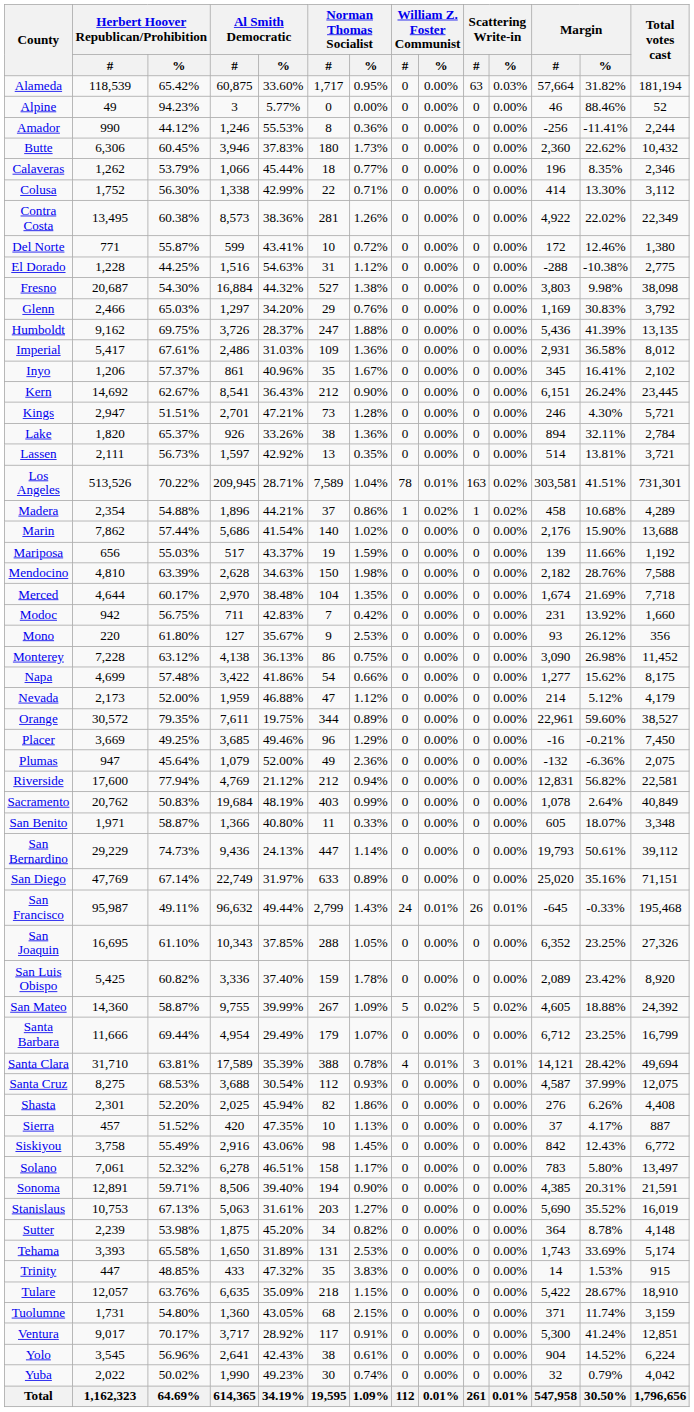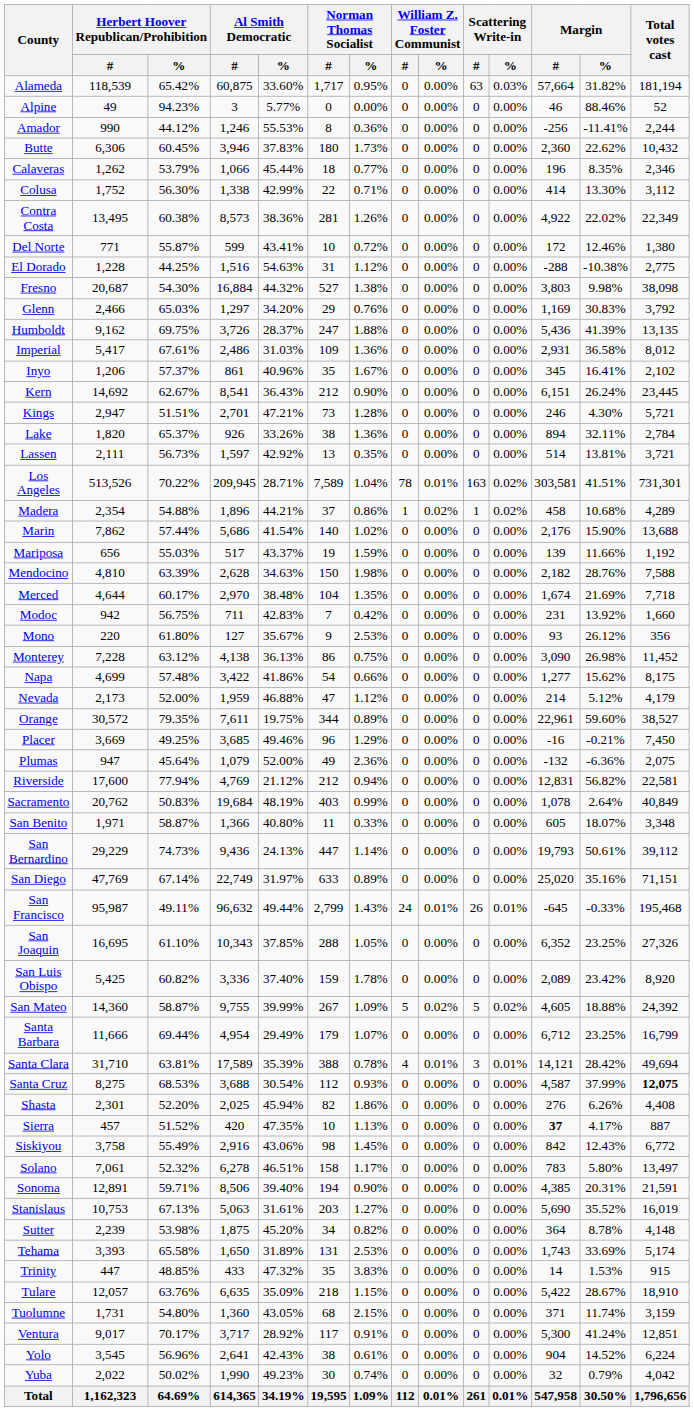 <table class="wikitable sortable" style="text-align:center">
 <tr>
 <th rowspan="2">County</th>
 <th style="text-align:center;" colspan="2"><a href='#'>Herbert Hoover</a><br>Republican/Prohibition</th>
 <th style="text-align:center;" colspan="2"><a href='#'>Al Smith</a><br>Democratic</th>
 <th style="text-align:center;" colspan="2"><a href='#'>Norman Thomas</a><br>Socialist</th>
 <th style="text-align:center;" colspan="2"><a href='#'>William Z. Foster</a><br>Communist</th>
 <th style="text-align:center;" colspan="2">Scattering<br>Write-in</th>
 <th style="text-align:center;" colspan="2">Margin</th>
 <th style="text-align:center;" rowspan="2">Total votes cast</th>
 </tr>
 <tr>
 <th style="text-align:center;" data-sort-type="number">#</th>
 <th style="text-align:center;" data-sort-type="number">%</th>
 <th style="text-align:center;" data-sort-type="number">#</th>
 <th style="text-align:center;" data-sort-type="number">%</th>
 <th style="text-align:center;" data-sort-type="number">#</th>
 <th style="text-align:center;" data-sort-type="number">%</th>
 <th style="text-align:center;" data-sort-type="number">#</th>
 <th style="text-align:center;" data-sort-type="number">%</th>
 <th style="text-align:center;" data-sort-type="number">#</th>
 <th style="text-align:center;" data-sort-type="number">%</th>
 <th style="text-align:center;" data-sort-type="number">#</th>
 <th style="text-align:center;" data-sort-type="number">%</th>
 </tr>
 <tr style="text-align:center;">
 <td><a href='#'>Alameda</a></td>
 <td>118,539</td>
 <td>65.42%</td>
 <td>60,875</td>
 <td>33.60%</td>
 <td>1,717</td>
 <td>0.95%</td>
 <td>0</td>
 <td>0.00%</td>
 <td>63</td>
 <td>0.03%</td>
 <td>57,664</td>
 <td>31.82%</td>
 <td>181,194</td>
 </tr>
 <tr style="text-align:center;">
 <td><a href='#'>Alpine</a></td>
 <td>49</td>
 <td>94.23%</td>
 <td>3</td>
 <td>5.77%</td>
 <td>0</td>
 <td>0.00%</td>
 <td>0</td>
 <td>0.00%</td>
 <td>0</td>
 <td>0.00%</td>
 <td>46</td>
 <td>88.46%</td>
 <td>52</td>
 </tr>
 <tr style="text-align:center;">
 <td><a href='#'>Amador</a></td>
 <td>990</td>
 <td>44.12%</td>
 <td>1,246</td>
 <td>55.53%</td>
 <td>8</td>
 <td>0.36%</td>
 <td>0</td>
 <td>0.00%</td>
 <td>0</td>
 <td>0.00%</td>
 <td>-256</td>
 <td>-11.41%</td>
 <td>2,244</td>
 </tr>
 <tr style="text-align:center;">
 <td><a href='#'>Butte</a></td>
 <td>6,306</td>
 <td>60.45%</td>
 <td>3,946</td>
 <td>37.83%</td>
 <td>180</td>
 <td>1.73%</td>
 <td>0</td>
 <td>0.00%</td>
 <td>0</td>
 <td>0.00%</td>
 <td>2,360</td>
 <td>22.62%</td>
 <td>10,432</td>
 </tr>
 <tr style="text-align:center;">
 <td><a href='#'>Calaveras</a></td>
 <td>1,262</td>
 <td>53.79%</td>
 <td>1,066</td>
 <td>45.44%</td>
 <td>18</td>
 <td>0.77%</td>
 <td>0</td>
 <td>0.00%</td>
 <td>0</td>
 <td>0.00%</td>
 <td>196</td>
 <td>8.35%</td>
 <td>2,346</td>
 </tr>
 <tr style="text-align:center;">
 <td><a href='#'>Colusa</a></td>
 <td>1,752</td>
 <td>56.30%</td>
 <td>1,338</td>
 <td>42.99%</td>
 <td>22</td>
 <td>0.71%</td>
 <td>0</td>
 <td>0.00%</td>
 <td>0</td>
 <td>0.00%</td>
 <td>414</td>
 <td>13.30%</td>
 <td>3,112</td>
 </tr>
 <tr style="text-align:center;">
 <td><a href='#'>Contra Costa</a></td>
 <td>13,495</td>
 <td>60.38%</td>
 <td>8,573</td>
 <td>38.36%</td>
 <td>281</td>
 <td>1.26%</td>
 <td>0</td>
 <td>0.00%</td>
 <td>0</td>
 <td>0.00%</td>
 <td>4,922</td>
 <td>22.02%</td>
 <td>22,349</td>
 </tr>
 <tr style="text-align:center;">
 <td><a href='#'>Del Norte</a></td>
 <td>771</td>
 <td>55.87%</td>
 <td>599</td>
 <td>43.41%</td>
 <td>10</td>
 <td>0.72%</td>
 <td>0</td>
 <td>0.00%</td>
 <td>0</td>
 <td>0.00%</td>
 <td>172</td>
 <td>12.46%</td>
 <td>1,380</td>
 </tr>
 <tr style="text-align:center;">
 <td><a href='#'>El Dorado</a></td>
 <td>1,228</td>
 <td>44.25%</td>
 <td>1,516</td>
 <td>54.63%</td>
 <td>31</td>
 <td>1.12%</td>
 <td>0</td>
 <td>0.00%</td>
 <td>0</td>
 <td>0.00%</td>
 <td>-288</td>
 <td>-10.38%</td>
 <td>2,775</td>
 </tr>
 <tr style="text-align:center;">
 <td><a href='#'>Fresno</a></td>
 <td>20,687</td>
 <td>54.30%</td>
 <td>16,884</td>
 <td>44.32%</td>
 <td>527</td>
 <td>1.38%</td>
 <td>0</td>
 <td>0.00%</td>
 <td>0</td>
 <td>0.00%</td>
 <td>3,803</td>
 <td>9.98%</td>
 <td>38,098</td>
 </tr>
 <tr style="text-align:center;">
 <td><a href='#'>Glenn</a></td>
 <td>2,466</td>
 <td>65.03%</td>
 <td>1,297</td>
 <td>34.20%</td>
 <td>29</td>
 <td>0.76%</td>
 <td>0</td>
 <td>0.00%</td>
 <td>0</td>
 <td>0.00%</td>
 <td>1,169</td>
 <td>30.83%</td>
 <td>3,792</td>
 </tr>
 <tr style="text-align:center;">
 <td><a href='#'>Humboldt</a></td>
 <td>9,162</td>
 <td>69.75%</td>
 <td>3,726</td>
 <td>28.37%</td>
 <td>247</td>
 <td>1.88%</td>
 <td>0</td>
 <td>0.00%</td>
 <td>0</td>
 <td>0.00%</td>
 <td>5,436</td>
 <td>41.39%</td>
 <td>13,135</td>
 </tr>
 <tr style="text-align:center;">
 <td><a href='#'>Imperial</a></td>
 <td>5,417</td>
 <td>67.61%</td>
 <td>2,486</td>
 <td>31.03%</td>
 <td>109</td>
 <td>1.36%</td>
 <td>0</td>
 <td>0.00%</td>
 <td>0</td>
 <td>0.00%</td>
 <td>2,931</td>
 <td>36.58%</td>
 <td>8,012</td>
 </tr>
 <tr style="text-align:center;">
 <td><a href='#'>Inyo</a></td>
 <td>1,206</td>
 <td>57.37%</td>
 <td>861</td>
 <td>40.96%</td>
 <td>35</td>
 <td>1.67%</td>
 <td>0</td>
 <td>0.00%</td>
 <td>0</td>
 <td>0.00%</td>
 <td>345</td>
 <td>16.41%</td>
 <td>2,102</td>
 </tr>
 <tr style="text-align:center;">
 <td><a href='#'>Kern</a></td>
 <td>14,692</td>
 <td>62.67%</td>
 <td>8,541</td>
 <td>36.43%</td>
 <td>212</td>
 <td>0.90%</td>
 <td>0</td>
 <td>0.00%</td>
 <td>0</td>
 <td>0.00%</td>
 <td>6,151</td>
 <td>26.24%</td>
 <td>23,445</td>
 </tr>
 <tr style="text-align:center;">
 <td><a href='#'>Kings</a></td>
 <td>2,947</td>
 <td>51.51%</td>
 <td>2,701</td>
 <td>47.21%</td>
 <td>73</td>
 <td>1.28%</td>
 <td>0</td>
 <td>0.00%</td>
 <td>0</td>
 <td>0.00%</td>
 <td>246</td>
 <td>4.30%</td>
 <td>5,721</td>
 </tr>
 <tr style="text-align:center;">
 <td><a href='#'>Lake</a></td>
 <td>1,820</td>
 <td>65.37%</td>
 <td>926</td>
 <td>33.26%</td>
 <td>38</td>
 <td>1.36%</td>
 <td>0</td>
 <td>0.00%</td>
 <td>0</td>
 <td>0.00%</td>
 <td>894</td>
 <td>32.11%</td>
 <td>2,784</td>
 </tr>
 <tr style="text-align:center;">
 <td><a href='#'>Lassen</a></td>
 <td>2,111</td>
 <td>56.73%</td>
 <td>1,597</td>
 <td>42.92%</td>
 <td>13</td>
 <td>0.35%</td>
 <td>0</td>
 <td>0.00%</td>
 <td>0</td>
 <td>0.00%</td>
 <td>514</td>
 <td>13.81%</td>
 <td>3,721</td>
 </tr>
 <tr style="text-align:center;">
 <td><a href='#'>Los Angeles</a></td>
 <td>513,526</td>
 <td>70.22%</td>
 <td>209,945</td>
 <td>28.71%</td>
 <td>7,589</td>
 <td>1.04%</td>
 <td>78</td>
 <td>0.01%</td>
 <td>163</td>
 <td>0.02%</td>
 <td>303,581</td>
 <td>41.51%</td>
 <td>731,301</td>
 </tr>
 <tr style="text-align:center;">
 <td><a href='#'>Madera</a></td>
 <td>2,354</td>
 <td>54.88%</td>
 <td>1,896</td>
 <td>44.21%</td>
 <td>37</td>
 <td>0.86%</td>
 <td>1</td>
 <td>0.02%</td>
 <td>1</td>
 <td>0.02%</td>
 <td>458</td>
 <td>10.68%</td>
 <td>4,289</td>
 </tr>
 <tr style="text-align:center;">
 <td><a href='#'>Marin</a></td>
 <td>7,862</td>
 <td>57.44%</td>
 <td>5,686</td>
 <td>41.54%</td>
 <td>140</td>
 <td>1.02%</td>
 <td>0</td>
 <td>0.00%</td>
 <td>0</td>
 <td>0.00%</td>
 <td>2,176</td>
 <td>15.90%</td>
 <td>13,688</td>
 </tr>
 <tr style="text-align:center;">
 <td><a href='#'>Mariposa</a></td>
 <td>656</td>
 <td>55.03%</td>
 <td>517</td>
 <td>43.37%</td>
 <td>19</td>
 <td>1.59%</td>
 <td>0</td>
 <td>0.00%</td>
 <td>0</td>
 <td>0.00%</td>
 <td>139</td>
 <td>11.66%</td>
 <td>1,192</td>
 </tr>
 <tr style="text-align:center;">
 <td><a href='#'>Mendocino</a></td>
 <td>4,810</td>
 <td>63.39%</td>
 <td>2,628</td>
 <td>34.63%</td>
 <td>150</td>
 <td>1.98%</td>
 <td>0</td>
 <td>0.00%</td>
 <td>0</td>
 <td>0.00%</td>
 <td>2,182</td>
 <td>28.76%</td>
 <td>7,588</td>
 </tr>
 <tr style="text-align:center;">
 <td><a href='#'>Merced</a></td>
 <td>4,644</td>
 <td>60.17%</td>
 <td>2,970</td>
 <td>38.48%</td>
 <td>104</td>
 <td>1.35%</td>
 <td>0</td>
 <td>0.00%</td>
 <td>0</td>
 <td>0.00%</td>
 <td>1,674</td>
 <td>21.69%</td>
 <td>7,718</td>
 </tr>
 <tr style="text-align:center;">
 <td><a href='#'>Modoc</a></td>
 <td>942</td>
 <td>56.75%</td>
 <td>711</td>
 <td>42.83%</td>
 <td>7</td>
 <td>0.42%</td>
 <td>0</td>
 <td>0.00%</td>
 <td>0</td>
 <td>0.00%</td>
 <td>231</td>
 <td>13.92%</td>
 <td>1,660</td>
 </tr>
 <tr style="text-align:center;">
 <td><a href='#'>Mono</a></td>
 <td>220</td>
 <td>61.80%</td>
 <td>127</td>
 <td>35.67%</td>
 <td>9</td>
 <td>2.53%</td>
 <td>0</td>
 <td>0.00%</td>
 <td>0</td>
 <td>0.00%</td>
 <td>93</td>
 <td>26.12%</td>
 <td>356</td>
 </tr>
 <tr style="text-align:center;">
 <td><a href='#'>Monterey</a></td>
 <td>7,228</td>
 <td>63.12%</td>
 <td>4,138</td>
 <td>36.13%</td>
 <td>86</td>
 <td>0.75%</td>
 <td>0</td>
 <td>0.00%</td>
 <td>0</td>
 <td>0.00%</td>
 <td>3,090</td>
 <td>26.98%</td>
 <td>11,452</td>
 </tr>
 <tr style="text-align:center;">
 <td><a href='#'>Napa</a></td>
 <td>4,699</td>
 <td>57.48%</td>
 <td>3,422</td>
 <td>41.86%</td>
 <td>54</td>
 <td>0.66%</td>
 <td>0</td>
 <td>0.00%</td>
 <td>0</td>
 <td>0.00%</td>
 <td>1,277</td>
 <td>15.62%</td>
 <td>8,175</td>
 </tr>
 <tr style="text-align:center;">
 <td><a href='#'>Nevada</a></td>
 <td>2,173</td>
 <td>52.00%</td>
 <td>1,959</td>
 <td>46.88%</td>
 <td>47</td>
 <td>1.12%</td>
 <td>0</td>
 <td>0.00%</td>
 <td>0</td>
 <td>0.00%</td>
 <td>214</td>
 <td>5.12%</td>
 <td>4,179</td>
 </tr>
 <tr style="text-align:center;">
 <td><a href='#'>Orange</a></td>
 <td>30,572</td>
 <td>79.35%</td>
 <td>7,611</td>
 <td>19.75%</td>
 <td>344</td>
 <td>0.89%</td>
 <td>0</td>
 <td>0.00%</td>
 <td>0</td>
 <td>0.00%</td>
 <td>22,961</td>
 <td>59.60%</td>
 <td>38,527</td>
 </tr>
 <tr style="text-align:center;">
 <td><a href='#'>Placer</a></td>
 <td>3,669</td>
 <td>49.25%</td>
 <td>3,685</td>
 <td>49.46%</td>
 <td>96</td>
 <td>1.29%</td>
 <td>0</td>
 <td>0.00%</td>
 <td>0</td>
 <td>0.00%</td>
 <td>-16</td>
 <td>-0.21%</td>
 <td>7,450</td>
 </tr>
 <tr style="text-align:center;">
 <td><a href='#'>Plumas</a></td>
 <td>947</td>
 <td>45.64%</td>
 <td>1,079</td>
 <td>52.00%</td>
 <td>49</td>
 <td>2.36%</td>
 <td>0</td>
 <td>0.00%</td>
 <td>0</td>
 <td>0.00%</td>
 <td>-132</td>
 <td>-6.36%</td>
 <td>2,075</td>
 </tr>
 <tr style="text-align:center;">
 <td><a href='#'>Riverside</a></td>
 <td>17,600</td>
 <td>77.94%</td>
 <td>4,769</td>
 <td>21.12%</td>
 <td>212</td>
 <td>0.94%</td>
 <td>0</td>
 <td>0.00%</td>
 <td>0</td>
 <td>0.00%</td>
 <td>12,831</td>
 <td>56.82%</td>
 <td>22,581</td>
 </tr>
 <tr style="text-align:center;">
 <td><a href='#'>Sacramento</a></td>
 <td>20,762</td>
 <td>50.83%</td>
 <td>19,684</td>
 <td>48.19%</td>
 <td>403</td>
 <td>0.99%</td>
 <td>0</td>
 <td>0.00%</td>
 <td>0</td>
 <td>0.00%</td>
 <td>1,078</td>
 <td>2.64%</td>
 <td>40,849</td>
 </tr>
 <tr style="text-align:center;">
 <td><a href='#'>San Benito</a></td>
 <td>1,971</td>
 <td>58.87%</td>
 <td>1,366</td>
 <td>40.80%</td>
 <td>11</td>
 <td>0.33%</td>
 <td>0</td>
 <td>0.00%</td>
 <td>0</td>
 <td>0.00%</td>
 <td>605</td>
 <td>18.07%</td>
 <td>3,348</td>
 </tr>
 <tr style="text-align:center;">
 <td><a href='#'>San Bernardino</a></td>
 <td>29,229</td>
 <td>74.73%</td>
 <td>9,436</td>
 <td>24.13%</td>
 <td>447</td>
 <td>1.14%</td>
 <td>0</td>
 <td>0.00%</td>
 <td>0</td>
 <td>0.00%</td>
 <td>19,793</td>
 <td>50.61%</td>
 <td>39,112</td>
 </tr>
 <tr style="text-align:center;">
 <td><a href='#'>San Diego</a></td>
 <td>47,769</td>
 <td>67.14%</td>
 <td>22,749</td>
 <td>31.97%</td>
 <td>633</td>
 <td>0.89%</td>
 <td>0</td>
 <td>0.00%</td>
 <td>0</td>
 <td>0.00%</td>
 <td>25,020</td>
 <td>35.16%</td>
 <td>71,151</td>
 </tr>
 <tr style="text-align:center;">
 <td><a href='#'>San Francisco</a></td>
 <td>95,987</td>
 <td>49.11%</td>
 <td>96,632</td>
 <td>49.44%</td>
 <td>2,799</td>
 <td>1.43%</td>
 <td>24</td>
 <td>0.01%</td>
 <td>26</td>
 <td>0.01%</td>
 <td>-645</td>
 <td>-0.33%</td>
 <td>195,468</td>
 </tr>
 <tr style="text-align:center;">
 <td><a href='#'>San Joaquin</a></td>
 <td>16,695</td>
 <td>61.10%</td>
 <td>10,343</td>
 <td>37.85%</td>
 <td>288</td>
 <td>1.05%</td>
 <td>0</td>
 <td>0.00%</td>
 <td>0</td>
 <td>0.00%</td>
 <td>6,352</td>
 <td>23.25%</td>
 <td>27,326</td>
 </tr>
 <tr style="text-align:center;">
 <td><a href='#'>San Luis Obispo</a></td>
 <td>5,425</td>
 <td>60.82%</td>
 <td>3,336</td>
 <td>37.40%</td>
 <td>159</td>
 <td>1.78%</td>
 <td>0</td>
 <td>0.00%</td>
 <td>0</td>
 <td>0.00%</td>
 <td>2,089</td>
 <td>23.42%</td>
 <td>8,920</td>
 </tr>
 <tr style="text-align:center;">
 <td><a href='#'>San Mateo</a></td>
 <td>14,360</td>
 <td>58.87%</td>
 <td>9,755</td>
 <td>39.99%</td>
 <td>267</td>
 <td>1.09%</td>
 <td>5</td>
 <td>0.02%</td>
 <td>5</td>
 <td>0.02%</td>
 <td>4,605</td>
 <td>18.88%</td>
 <td>24,392</td>
 </tr>
 <tr style="text-align:center;">
 <td><a href='#'>Santa Barbara</a></td>
 <td>11,666</td>
 <td>69.44%</td>
 <td>4,954</td>
 <td>29.49%</td>
 <td>179</td>
 <td>1.07%</td>
 <td>0</td>
 <td>0.00%</td>
 <td>0</td>
 <td>0.00%</td>
 <td>6,712</td>
 <td>23.25%</td>
 <td>16,799</td>
 </tr>
 <tr style="text-align:center;">
 <td><a href='#'>Santa Clara</a></td>
 <td>31,710</td>
 <td>63.81%</td>
 <td>17,589</td>
 <td>35.39%</td>
 <td>388</td>
 <td>0.78%</td>
 <td>4</td>
 <td>0.01%</td>
 <td>3</td>
 <td>0.01%</td>
 <td>14,121</td>
 <td>28.42%</td>
 <td>49,694</td>
 </tr>
 <tr style="text-align:center;">
 <td><a href='#'>Santa Cruz</a></td>
 <td>8,275</td>
 <td>68.53%</td>
 <td>3,688</td>
 <td>30.54%</td>
 <td>112</td>
 <td>0.93%</td>
 <td>0</td>
 <td>0.00%</td>
 <td>0</td>
 <td>0.00%</td>
 <td>4,587</td>
 <td>37.99%</td>
-<td>12,075</td>
+<td><strong>12,075</strong></td>
 </tr>
 <tr style="text-align:center;">
 <td><a href='#'>Shasta</a></td>
 <td>2,301</td>
 <td>52.20%</td>
 <td>2,025</td>
 <td>45.94%</td>
 <td>82</td>
 <td>1.86%</td>
 <td>0</td>
 <td>0.00%</td>
 <td>0</td>
 <td>0.00%</td>
 <td>276</td>
 <td>6.26%</td>
 <td>4,408</td>
 </tr>
 <tr style="text-align:center;">
 <td><a href='#'>Sierra</a></td>
 <td>457</td>
 <td>51.52%</td>
 <td>420</td>
 <td>47.35%</td>
 <td>10</td>
 <td>1.13%</td>
 <td>0</td>
 <td>0.00%</td>
 <td>0</td>
 <td>0.00%</td>
-<td>37</td>
+<td><strong>37</strong></td>
 <td>4.17%</td>
 <td>887</td>
 </tr>
 <tr style="text-align:center;">
 <td><a href='#'>Siskiyou</a></td>
 <td>3,758</td>
 <td>55.49%</td>
 <td>2,916</td>
 <td>43.06%</td>
 <td>98</td>
 <td>1.45%</td>
 <td>0</td>
 <td>0.00%</td>
 <td>0</td>
 <td>0.00%</td>
 <td>842</td>
 <td>12.43%</td>
 <td>6,772</td>
 </tr>
 <tr style="text-align:center;">
 <td><a href='#'>Solano</a></td>
 <td>7,061</td>
 <td>52.32%</td>
 <td>6,278</td>
 <td>46.51%</td>
 <td>158</td>
 <td>1.17%</td>
 <td>0</td>
 <td>0.00%</td>
 <td>0</td>
 <td>0.00%</td>
 <td>783</td>
 <td>5.80%</td>
 <td>13,497</td>
 </tr>
 <tr style="text-align:center;">
 <td><a href='#'>Sonoma</a></td>
 <td>12,891</td>
 <td>59.71%</td>
 <td>8,506</td>
 <td>39.40%</td>
 <td>194</td>
 <td>0.90%</td>
 <td>0</td>
 <td>0.00%</td>
 <td>0</td>
 <td>0.00%</td>
 <td>4,385</td>
 <td>20.31%</td>
 <td>21,591</td>
 </tr>
 <tr style="text-align:center;">
 <td><a href='#'>Stanislaus</a></td>
 <td>10,753</td>
 <td>67.13%</td>
 <td>5,063</td>
 <td>31.61%</td>
 <td>203</td>
 <td>1.27%</td>
 <td>0</td>
 <td>0.00%</td>
 <td>0</td>
 <td>0.00%</td>
 <td>5,690</td>
 <td>35.52%</td>
 <td>16,019</td>
 </tr>
 <tr style="text-align:center;">
 <td><a href='#'>Sutter</a></td>
 <td>2,239</td>
 <td>53.98%</td>
 <td>1,875</td>
 <td>45.20%</td>
 <td>34</td>
 <td>0.82%</td>
 <td>0</td>
 <td>0.00%</td>
 <td>0</td>
 <td>0.00%</td>
 <td>364</td>
 <td>8.78%</td>
 <td>4,148</td>
 </tr>
 <tr style="text-align:center;">
 <td><a href='#'>Tehama</a></td>
 <td>3,393</td>
 <td>65.58%</td>
 <td>1,650</td>
 <td>31.89%</td>
 <td>131</td>
 <td>2.53%</td>
 <td>0</td>
 <td>0.00%</td>
 <td>0</td>
 <td>0.00%</td>
 <td>1,743</td>
 <td>33.69%</td>
 <td>5,174</td>
 </tr>
 <tr style="text-align:center;">
 <td><a href='#'>Trinity</a></td>
 <td>447</td>
 <td>48.85%</td>
 <td>433</td>
 <td>47.32%</td>
 <td>35</td>
 <td>3.83%</td>
 <td>0</td>
 <td>0.00%</td>
 <td>0</td>
 <td>0.00%</td>
 <td>14</td>
 <td>1.53%</td>
 <td>915</td>
 </tr>
 <tr style="text-align:center;">
 <td><a href='#'>Tulare</a></td>
 <td>12,057</td>
 <td>63.76%</td>
 <td>6,635</td>
 <td>35.09%</td>
 <td>218</td>
 <td>1.15%</td>
 <td>0</td>
 <td>0.00%</td>
 <td>0</td>
 <td>0.00%</td>
 <td>5,422</td>
 <td>28.67%</td>
 <td>18,910</td>
 </tr>
 <tr style="text-align:center;">
 <td><a href='#'>Tuolumne</a></td>
 <td>1,731</td>
 <td>54.80%</td>
 <td>1,360</td>
 <td>43.05%</td>
 <td>68</td>
 <td>2.15%</td>
 <td>0</td>
 <td>0.00%</td>
 <td>0</td>
 <td>0.00%</td>
 <td>371</td>
 <td>11.74%</td>
 <td>3,159</td>
 </tr>
 <tr style="text-align:center;">
 <td><a href='#'>Ventura</a></td>
 <td>9,017</td>
 <td>70.17%</td>
 <td>3,717</td>
 <td>28.92%</td>
 <td>117</td>
 <td>0.91%</td>
 <td>0</td>
 <td>0.00%</td>
 <td>0</td>
 <td>0.00%</td>
 <td>5,300</td>
 <td>41.24%</td>
 <td>12,851</td>
 </tr>
 <tr style="text-align:center;">
 <td><a href='#'>Yolo</a></td>
 <td>3,545</td>
 <td>56.96%</td>
 <td>2,641</td>
 <td>42.43%</td>
 <td>38</td>
 <td>0.61%</td>
 <td>0</td>
 <td>0.00%</td>
 <td>0</td>
 <td>0.00%</td>
 <td>904</td>
 <td>14.52%</td>
 <td>6,224</td>
 </tr>
 <tr style="text-align:center;">
 <td><a href='#'>Yuba</a></td>
 <td>2,022</td>
 <td>50.02%</td>
 <td>1,990</td>
 <td>49.23%</td>
 <td>30</td>
 <td>0.74%</td>
 <td>0</td>
 <td>0.00%</td>
 <td>0</td>
 <td>0.00%</td>
 <td>32</td>
 <td>0.79%</td>
 <td>4,042</td>
 </tr>
 <tr style="text-align:center;">
 <th>Total</th>
 <th>1,162,323</th>
 <th>64.69%</th>
 <th>614,365</th>
 <th>34.19%</th>
 <th>19,595</th>
 <th>1.09%</th>
 <th>112</th>
 <th>0.01%</th>
 <th>261</th>
 <th>0.01%</th>
 <th>547,958</th>
 <th>30.50%</th>
 <th>1,796,656</th>
 </tr>
 </table>
